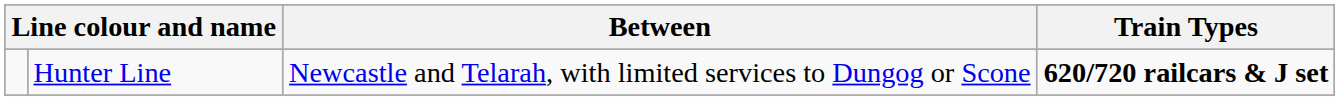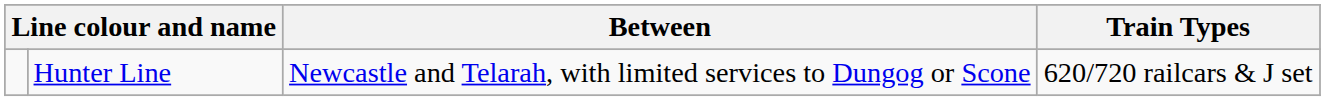 <table class="wikitable">
 <tr>
 <th colspan="2">Line colour and name</th>
 <th>Between</th>
 <th>Train Types</th>
 </tr>
 <tr>
 <td class="noresize"></td>
 <td><a href='#'>Hunter Line</a></td>
 <td><a href='#'>Newcastle</a> and <a href='#'>Telarah</a>, with limited services to <a href='#'>Dungog</a> or <a href='#'>Scone</a></td>
-<td><strong>620/720 railcars & J set</strong></td>
+<td>620/720 railcars & J set</td>
 </tr>
 </table>
